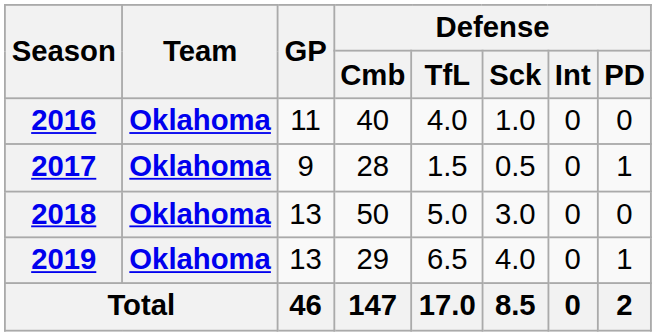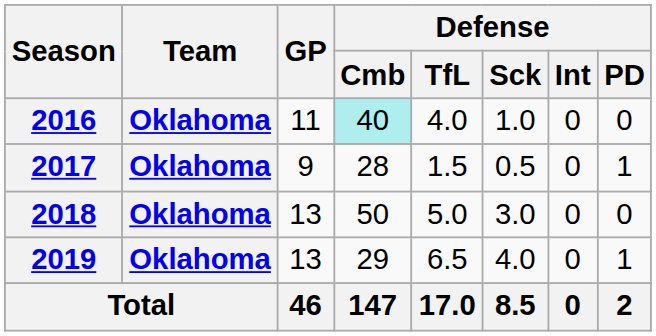 <table class="wikitable" style="text-align:center;">
 <tr>
 <th rowspan="2">Season</th>
 <th rowspan="2">Team</th>
 <th rowspan="2">GP</th>
 <th colspan="5">Defense</th>
 </tr>
 <tr>
 <th>Cmb</th>
 <th>TfL</th>
 <th>Sck</th>
 <th>Int</th>
 <th>PD</th>
 </tr>
 <tr>
 <th><a href='#'>2016</a></th>
 <th><a href='#'>Oklahoma</a></th>
 <td>11</td>
-<td>40</td>
+<td style="background: paleturquoise;">40</td>
 <td>4.0</td>
 <td>1.0</td>
 <td>0</td>
 <td>0</td>
 </tr>
 <tr>
 <th><a href='#'>2017</a></th>
 <th><a href='#'>Oklahoma</a></th>
 <td>9</td>
 <td>28</td>
 <td>1.5</td>
 <td>0.5</td>
 <td>0</td>
 <td>1</td>
 </tr>
 <tr>
 <th><a href='#'>2018</a></th>
 <th><a href='#'>Oklahoma</a></th>
 <td>13</td>
 <td>50</td>
 <td>5.0</td>
 <td>3.0</td>
 <td>0</td>
 <td>0</td>
 </tr>
 <tr>
 <th><a href='#'>2019</a></th>
 <th><a href='#'>Oklahoma</a></th>
 <td>13</td>
 <td>29</td>
 <td>6.5</td>
 <td>4.0</td>
 <td>0</td>
 <td>1</td>
 </tr>
 <tr>
 <th colspan="2">Total</th>
 <th>46</th>
 <th>147</th>
 <th>17.0</th>
 <th>8.5</th>
 <th>0</th>
 <th>2</th>
 </tr>
 </table>
